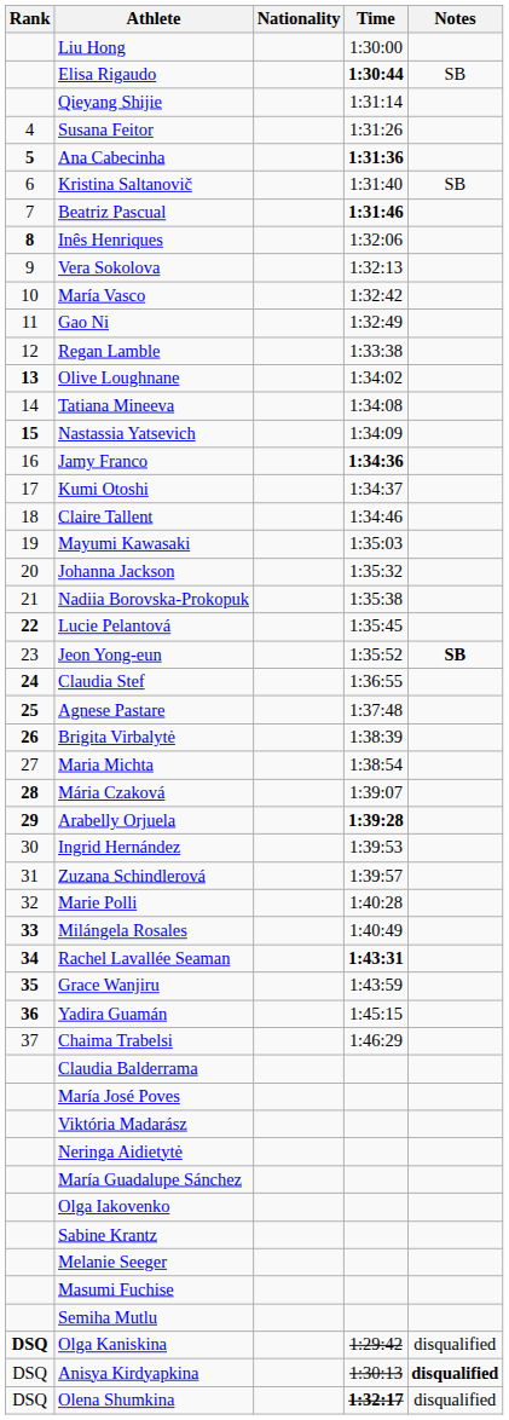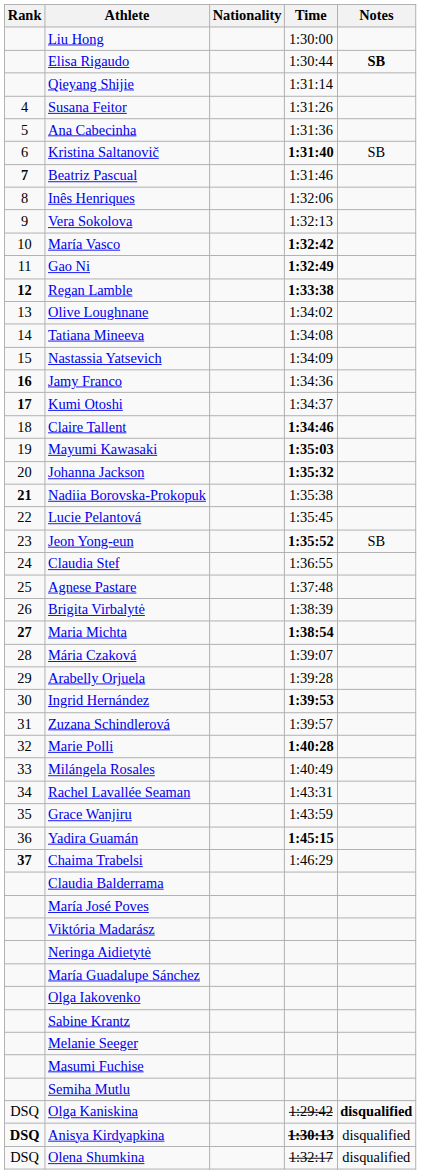 <table class="wikitable sortable" style=text-align:center>
 <tr>
 <th>Rank</th>
 <th>Athlete</th>
 <th>Nationality</th>
 <th>Time</th>
 <th>Notes</th>
 </tr>
 <tr>
 <td></td>
 <td align="left"><a href='#'>Liu Hong</a></td>
 <td align="left"></td>
 <td>1:30:00</td>
 <td></td>
 </tr>
 <tr>
 <td></td>
 <td align="left"><a href='#'>Elisa Rigaudo</a></td>
 <td align="left"></td>
-<td><strong>1:30:44</strong></td>
-<td>SB</td>
+<td>1:30:44</td>
+<td><strong>SB</strong></td>
 </tr>
 <tr>
 <td></td>
 <td align="left"><a href='#'>Qieyang Shijie</a></td>
 <td align="left"></td>
 <td>1:31:14</td>
 <td></td>
 </tr>
 <tr>
 <td>4</td>
 <td align="left"><a href='#'>Susana Feitor</a></td>
 <td align="left"></td>
 <td>1:31:26</td>
 <td></td>
 </tr>
 <tr>
-<td><strong>5</strong></td>
+<td>5</td>
 <td align="left"><a href='#'>Ana Cabecinha</a></td>
 <td align="left"></td>
-<td><strong>1:31:36</strong></td>
+<td>1:31:36</td>
 <td></td>
 </tr>
 <tr>
 <td>6</td>
 <td align="left"><a href='#'>Kristina Saltanovič</a></td>
 <td align="left"></td>
-<td>1:31:40</td>
+<td><strong>1:31:40</strong></td>
 <td>SB</td>
 </tr>
 <tr>
-<td>7</td>
+<td><strong>7</strong></td>
 <td align="left"><a href='#'>Beatriz Pascual</a></td>
 <td align="left"></td>
-<td><strong>1:31:46</strong></td>
+<td>1:31:46</td>
 <td></td>
 </tr>
 <tr>
-<td><strong>8</strong></td>
+<td>8</td>
 <td align="left"><a href='#'>Inês Henriques</a></td>
 <td align="left"></td>
 <td>1:32:06</td>
 <td></td>
 </tr>
 <tr>
 <td>9</td>
 <td align="left"><a href='#'>Vera Sokolova</a></td>
 <td align="left"></td>
 <td>1:32:13</td>
 <td></td>
 </tr>
 <tr>
 <td>10</td>
 <td align="left"><a href='#'>María Vasco</a></td>
 <td align="left"></td>
-<td>1:32:42</td>
+<td><strong>1:32:42</strong></td>
 <td></td>
 </tr>
 <tr>
 <td>11</td>
 <td align="left"><a href='#'>Gao Ni</a></td>
 <td align="left"></td>
-<td>1:32:49</td>
+<td><strong>1:32:49</strong></td>
 <td></td>
 </tr>
 <tr>
-<td>12</td>
+<td><strong>12</strong></td>
 <td align="left"><a href='#'>Regan Lamble</a></td>
 <td align="left"></td>
-<td>1:33:38</td>
+<td><strong>1:33:38</strong></td>
 <td></td>
 </tr>
 <tr>
-<td><strong>13</strong></td>
+<td>13</td>
 <td align="left"><a href='#'>Olive Loughnane</a></td>
 <td align="left"></td>
 <td>1:34:02</td>
 <td></td>
 </tr>
 <tr>
 <td>14</td>
 <td align="left"><a href='#'>Tatiana Mineeva</a></td>
 <td align="left"></td>
 <td>1:34:08</td>
 <td></td>
 </tr>
 <tr>
-<td><strong>15</strong></td>
+<td>15</td>
 <td align="left"><a href='#'>Nastassia Yatsevich</a></td>
 <td align="left"></td>
 <td>1:34:09</td>
 <td></td>
 </tr>
 <tr>
-<td>16</td>
+<td><strong>16</strong></td>
 <td align="left"><a href='#'>Jamy Franco</a></td>
 <td align="left"></td>
-<td><strong>1:34:36</strong></td>
+<td>1:34:36</td>
 <td></td>
 </tr>
 <tr>
-<td>17</td>
+<td><strong>17</strong></td>
 <td align="left"><a href='#'>Kumi Otoshi</a></td>
 <td align="left"></td>
 <td>1:34:37</td>
 <td></td>
 </tr>
 <tr>
 <td>18</td>
 <td align="left"><a href='#'>Claire Tallent</a></td>
 <td align="left"></td>
-<td>1:34:46</td>
+<td><strong>1:34:46</strong></td>
 <td></td>
 </tr>
 <tr>
 <td>19</td>
 <td align="left"><a href='#'>Mayumi Kawasaki</a></td>
 <td align="left"></td>
-<td>1:35:03</td>
+<td><strong>1:35:03</strong></td>
 <td></td>
 </tr>
 <tr>
 <td>20</td>
 <td align="left"><a href='#'>Johanna Jackson</a></td>
 <td align="left"></td>
-<td>1:35:32</td>
+<td><strong>1:35:32</strong></td>
 <td></td>
 </tr>
 <tr>
-<td>21</td>
+<td><strong>21</strong></td>
 <td align="left"><a href='#'>Nadiia Borovska-Prokopuk</a></td>
 <td align="left"></td>
 <td>1:35:38</td>
 <td></td>
 </tr>
 <tr>
-<td><strong>22</strong></td>
+<td>22</td>
 <td align="left"><a href='#'>Lucie Pelantová</a></td>
 <td align="left"></td>
 <td>1:35:45</td>
 <td></td>
 </tr>
 <tr>
 <td>23</td>
 <td align="left"><a href='#'>Jeon Yong-eun</a></td>
 <td align="left"></td>
-<td>1:35:52</td>
-<td><strong>SB</strong></td>
+<td><strong>1:35:52</strong></td>
+<td>SB</td>
 </tr>
 <tr>
-<td><strong>24</strong></td>
+<td>24</td>
 <td align="left"><a href='#'>Claudia Stef</a></td>
 <td align="left"></td>
 <td>1:36:55</td>
 <td></td>
 </tr>
 <tr>
-<td><strong>25</strong></td>
+<td>25</td>
 <td align="left"><a href='#'>Agnese Pastare</a></td>
 <td align="left"></td>
 <td>1:37:48</td>
 <td></td>
 </tr>
 <tr>
-<td><strong>26</strong></td>
+<td>26</td>
 <td align="left"><a href='#'>Brigita Virbalytė</a></td>
 <td align="left"></td>
 <td>1:38:39</td>
 <td></td>
 </tr>
 <tr>
-<td>27</td>
+<td><strong>27</strong></td>
 <td align="left"><a href='#'>Maria Michta</a></td>
 <td align="left"></td>
-<td>1:38:54</td>
+<td><strong>1:38:54</strong></td>
 <td></td>
 </tr>
 <tr>
-<td><strong>28</strong></td>
+<td>28</td>
 <td align="left"><a href='#'>Mária Czaková</a></td>
 <td align="left"></td>
 <td>1:39:07</td>
 <td></td>
 </tr>
 <tr>
-<td><strong>29</strong></td>
+<td>29</td>
 <td align="left"><a href='#'>Arabelly Orjuela</a></td>
 <td align="left"></td>
-<td><strong>1:39:28</strong></td>
+<td>1:39:28</td>
 <td></td>
 </tr>
 <tr>
 <td>30</td>
 <td align="left"><a href='#'>Ingrid Hernández</a></td>
 <td align="left"></td>
-<td>1:39:53</td>
+<td><strong>1:39:53</strong></td>
 <td></td>
 </tr>
 <tr>
 <td>31</td>
 <td align="left"><a href='#'>Zuzana Schindlerová</a></td>
 <td align="left"></td>
 <td>1:39:57</td>
 <td></td>
 </tr>
 <tr>
 <td>32</td>
 <td align="left"><a href='#'>Marie Polli</a></td>
 <td align="left"></td>
-<td>1:40:28</td>
+<td><strong>1:40:28</strong></td>
 <td></td>
 </tr>
 <tr>
-<td><strong>33</strong></td>
+<td>33</td>
 <td align="left"><a href='#'>Milángela Rosales</a></td>
 <td align="left"></td>
 <td>1:40:49</td>
 <td></td>
 </tr>
 <tr>
-<td><strong>34</strong></td>
+<td>34</td>
 <td align="left"><a href='#'>Rachel Lavallée Seaman</a></td>
 <td align="left"></td>
-<td><strong>1:43:31</strong></td>
+<td>1:43:31</td>
 <td></td>
 </tr>
 <tr>
-<td><strong>35</strong></td>
+<td>35</td>
 <td align="left"><a href='#'>Grace Wanjiru</a></td>
 <td align="left"></td>
 <td>1:43:59</td>
 <td></td>
 </tr>
 <tr>
-<td><strong>36</strong></td>
+<td>36</td>
 <td align="left"><a href='#'>Yadira Guamán</a></td>
 <td align="left"></td>
-<td>1:45:15</td>
+<td><strong>1:45:15</strong></td>
 <td></td>
 </tr>
 <tr>
-<td>37</td>
+<td><strong>37</strong></td>
 <td align="left"><a href='#'>Chaima Trabelsi</a></td>
 <td align="left"></td>
 <td>1:46:29</td>
 <td></td>
 </tr>
 <tr>
 <td></td>
 <td align=left><a href='#'>Claudia Balderrama</a></td>
 <td align=left></td>
 <td></td>
 <td></td>
 </tr>
 <tr>
 <td></td>
 <td align=left><a href='#'>María José Poves</a></td>
 <td align=left></td>
 <td></td>
 <td></td>
 </tr>
 <tr>
 <td></td>
 <td align=left><a href='#'>Viktória Madarász</a></td>
 <td align=left></td>
 <td></td>
 <td></td>
 </tr>
 <tr>
 <td></td>
 <td align=left><a href='#'>Neringa Aidietytė</a></td>
 <td align=left></td>
 <td></td>
 <td></td>
 </tr>
 <tr>
 <td></td>
 <td align=left><a href='#'>María Guadalupe Sánchez</a></td>
 <td align=left></td>
 <td></td>
 <td></td>
 </tr>
 <tr>
 <td></td>
 <td align=left><a href='#'>Olga Iakovenko</a></td>
 <td align=left></td>
 <td></td>
 <td></td>
 </tr>
 <tr>
 <td></td>
 <td align=left><a href='#'>Sabine Krantz</a></td>
 <td align=left></td>
 <td></td>
 <td></td>
 </tr>
 <tr>
 <td></td>
 <td align=left><a href='#'>Melanie Seeger</a></td>
 <td align=left></td>
 <td></td>
 <td></td>
 </tr>
 <tr>
 <td></td>
 <td align=left><a href='#'>Masumi Fuchise</a></td>
 <td align=left></td>
 <td></td>
 <td></td>
 </tr>
 <tr>
 <td></td>
 <td align=left><a href='#'>Semiha Mutlu</a></td>
 <td align=left></td>
 <td></td>
 <td></td>
 </tr>
 <tr>
-<td><strong>DSQ</strong></td>
+<td>DSQ</td>
 <td align="left"><a href='#'>Olga Kaniskina</a></td>
 <td align="left"></td>
 <td><s>1:29:42</s></td>
-<td>disqualified</td>
+<td><strong>disqualified</strong></td>
 </tr>
 <tr>
-<td>DSQ</td>
+<td><strong>DSQ</strong></td>
 <td align="left"><a href='#'>Anisya Kirdyapkina</a></td>
 <td align="left"></td>
-<td><s>1:30:13</s></td>
-<td><strong>disqualified</strong></td>
+<td><strong><s>1:30:13</s></strong></td>
+<td>disqualified</td>
 </tr>
 <tr>
 <td>DSQ</td>
 <td align="left"><a href='#'>Olena Shumkina</a></td>
 <td align="left"></td>
-<td><strong><s>1:32:17</s></strong></td>
+<td><s>1:32:17</s></td>
 <td>disqualified</td>
 </tr>
 </table>
